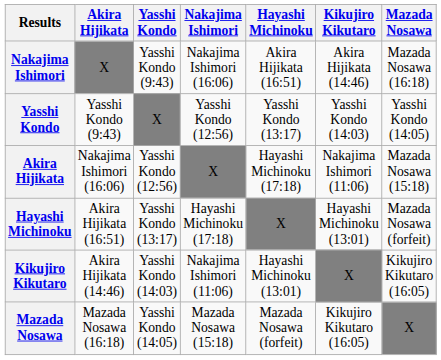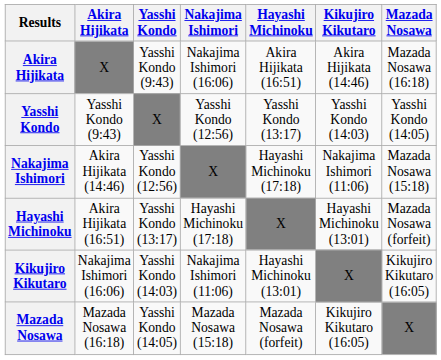 <table class="wikitable" style="text-align:center; margin: 1em auto 1em auto">
 <tr>
 <th>Results</th>
 <th><a href='#'>Akira</a><br><a href='#'>Hijikata</a></th>
 <th><a href='#'>Yasshi</a><br><a href='#'>Kondo</a></th>
 <th><a href='#'>Nakajima</a><br><a href='#'>Ishimori</a></th>
 <th><a href='#'>Hayashi</a><br><a href='#'>Michinoku</a></th>
 <th><a href='#'>Kikujiro</a><br><a href='#'>Kikutaro</a></th>
 <th><a href='#'>Mazada</a><br><a href='#'>Nosawa</a></th>
 </tr>
 <tr>
-<th><a href='#'>Nakajima</a><br><a href='#'>Ishimori</a></th>
+<th><a href='#'>Akira</a><br><a href='#'>Hijikata</a></th>
 <td bgcolor=grey>X</td>
 <td>Yasshi<br>Kondo<br>(9:43)</td>
 <td>Nakajima<br>Ishimori<br>(16:06)</td>
 <td>Akira<br>Hijikata<br>(16:51)</td>
 <td>Akira<br>Hijikata<br>(14:46)</td>
 <td>Mazada<br>Nosawa<br>(16:18)</td>
 </tr>
 <tr>
 <th><a href='#'>Yasshi</a><br><a href='#'>Kondo</a></th>
 <td>Yasshi<br>Kondo<br>(9:43)</td>
 <td bgcolor=grey>X</td>
 <td>Yasshi<br>Kondo<br>(12:56)</td>
 <td>Yasshi<br>Kondo<br>(13:17)</td>
 <td>Yasshi<br>Kondo<br>(14:03)</td>
 <td>Yasshi<br>Kondo<br>(14:05)</td>
 </tr>
 <tr>
-<th><a href='#'>Akira</a><br><a href='#'>Hijikata</a></th>
-<td>Nakajima<br>Ishimori<br>(16:06)</td>
+<th><a href='#'>Nakajima</a><br><a href='#'>Ishimori</a></th>
+<td>Akira<br>Hijikata<br>(14:46)</td>
 <td>Yasshi<br>Kondo<br>(12:56)</td>
 <td bgcolor=grey>X</td>
 <td>Hayashi<br>Michinoku<br>(17:18)</td>
 <td>Nakajima<br>Ishimori<br>(11:06)</td>
 <td>Mazada<br>Nosawa<br>(15:18)</td>
 </tr>
 <tr>
 <th><a href='#'>Hayashi</a><br><a href='#'>Michinoku</a></th>
 <td>Akira<br>Hijikata<br>(16:51)</td>
 <td>Yasshi<br>Kondo<br>(13:17)</td>
 <td>Hayashi<br>Michinoku<br>(17:18)</td>
 <td bgcolor=grey>X</td>
 <td>Hayashi<br>Michinoku<br>(13:01)</td>
 <td>Mazada<br>Nosawa<br>(forfeit)</td>
 </tr>
 <tr>
 <th><a href='#'>Kikujiro</a><br><a href='#'>Kikutaro</a></th>
-<td>Akira<br>Hijikata<br>(14:46)</td>
+<td>Nakajima<br>Ishimori<br>(16:06)</td>
 <td>Yasshi<br>Kondo<br>(14:03)</td>
 <td>Nakajima<br>Ishimori<br>(11:06)</td>
 <td>Hayashi<br>Michinoku<br>(13:01)</td>
 <td bgcolor=grey>X</td>
 <td>Kikujiro<br>Kikutaro<br>(16:05)</td>
 </tr>
 <tr>
 <th><a href='#'>Mazada</a><br><a href='#'>Nosawa</a></th>
 <td>Mazada<br>Nosawa<br>(16:18)</td>
 <td>Yasshi<br>Kondo<br>(14:05)</td>
 <td>Mazada<br>Nosawa<br>(15:18)</td>
 <td>Mazada<br>Nosawa<br>(forfeit)</td>
 <td>Kikujiro<br>Kikutaro<br>(16:05)</td>
 <td bgcolor=grey>X</td>
 </tr>
 </table>
